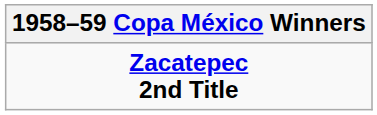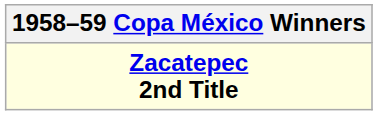 <table class="wikitable" style="text-align: center; margin: 0 auto;">
 <tr>
 <th>1958–59 <a href='#'>Copa México</a> Winners</th>
 </tr>
 <tr>
-<td><strong><a href='#'>Zacatepec</a></strong><br><strong>2nd Title</strong></td>
+<td style="background: lightyellow;"><strong><a href='#'>Zacatepec</a></strong><br><strong>2nd Title</strong></td>
 </tr>
 </table>
